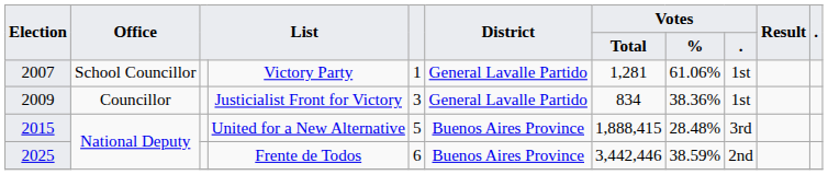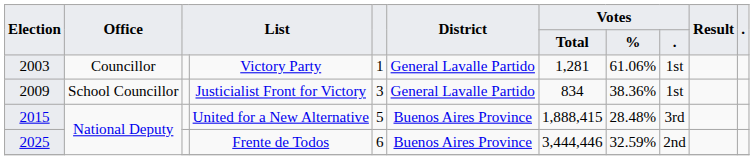 <table class="wikitable" style="font-size:90%; text-align:center;">
 <tr>
 <th style="background-color:#EAECF0;" rowspan=2>Election</th>
 <th style="background-color:#EAECF0;" rowspan=2>Office</th>
 <th style="background-color:#EAECF0;" colspan=2 rowspan=2>List</th>
 <th style="background-color:#EAECF0;" rowspan=2></th>
 <th style="background-color:#EAECF0;" rowspan=2>District</th>
 <th style="background-color:#EAECF0;" colspan=3>Votes</th>
 <th style="background-color:#EAECF0;" rowspan=2>Result</th>
 <th style="background-color:#EAECF0;" rowspan=2>.</th>
 </tr>
 <tr>
 <th style="background-color:#EAECF0;">Total</th>
 <th style="background-color:#EAECF0;">%</th>
 <th style="background-color:#EAECF0;">.</th>
 </tr>
 <tr>
-<td style="background-color:#EAECF0;">2007</td>
-<td>School Councillor</td>
+<td style="background-color:#EAECF0;">2003</td>
+<td>Councillor</td>
 <td style="background-color:"></td>
 <td><a href='#'>Victory Party</a></td>
 <td>1</td>
 <td><a href='#'>General Lavalle Partido</a></td>
 <td>1,281</td>
 <td>61.06%</td>
 <td>1st</td>
 <td></td>
 <td></td>
 </tr>
 <tr>
 <td style="background-color:#EAECF0;">2009</td>
-<td>Councillor</td>
+<td>School Councillor</td>
 <td style="background-color:"></td>
 <td><a href='#'>Justicialist Front for Victory</a></td>
 <td>3</td>
 <td><a href='#'>General Lavalle Partido</a></td>
 <td>834</td>
 <td>38.36%</td>
 <td>1st</td>
 <td></td>
 <td></td>
 </tr>
 <tr>
 <td style="background-color:#EAECF0;"><a href='#'>2015</a></td>
 <td rowspan="3"><a href='#'>National Deputy</a></td>
 <td style="background-color:"></td>
 <td><a href='#'>United for a New Alternative</a></td>
 <td>5</td>
 <td><a href='#'>Buenos Aires Province</a></td>
 <td>1,888,415</td>
 <td>28.48%</td>
 <td>3rd</td>
 <td></td>
 <td></td>
 </tr>
 <tr>
 <td style="background-color:#EAECF0;"><a href='#'>2025</a></td>
 <td style="background-color:"></td>
 <td><a href='#'>Frente de Todos</a></td>
 <td>6</td>
 <td><a href='#'>Buenos Aires Province</a></td>
-<td>3,442,446</td>
-<td>38.59%</td>
+<td>3,444,446</td>
+<td>32.59%</td>
 <td>2nd</td>
 <td></td>
 <td></td>
 </tr>
 <tr>
 </tr>
 </table>
